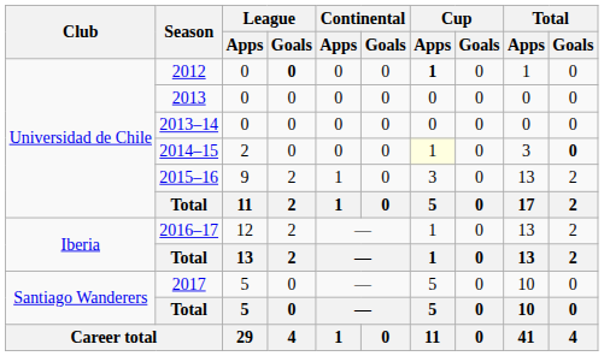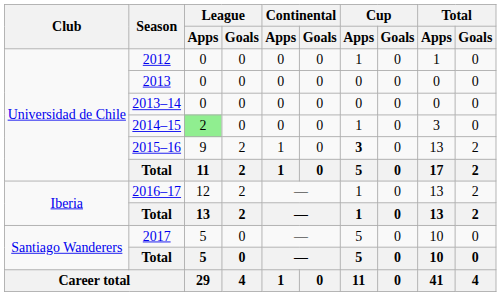 <table class="wikitable" style="text-align: center;">
 <tr>
 <th rowspan="2">Club</th>
 <th rowspan="2">Season</th>
 <th colspan="2">League</th>
 <th colspan="2">Continental</th>
 <th colspan="2">Cup</th>
 <th colspan="2">Total</th>
 </tr>
 <tr>
 <th>Apps</th>
 <th>Goals</th>
 <th>Apps</th>
 <th>Goals</th>
 <th>Apps</th>
 <th>Goals</th>
 <th>Apps</th>
 <th>Goals</th>
 </tr>
 <tr>
 <td rowspan="6"><a href='#'>Universidad de Chile</a></td>
 <td><a href='#'>2012</a></td>
 <td>0</td>
-<td><strong>0</strong></td>
 <td>0</td>
 <td>0</td>
-<td><strong>1</strong></td>
+<td>0</td>
+<td>1</td>
 <td>0</td>
 <td>1</td>
 <td>0</td>
 </tr>
 <tr>
 <td><a href='#'>2013</a></td>
 <td>0</td>
 <td>0</td>
 <td>0</td>
 <td>0</td>
 <td>0</td>
 <td>0</td>
 <td>0</td>
 <td>0</td>
 </tr>
 <tr>
 <td><a href='#'>2013–14</a></td>
 <td>0</td>
 <td>0</td>
 <td>0</td>
 <td>0</td>
 <td>0</td>
 <td>0</td>
 <td>0</td>
 <td>0</td>
 </tr>
 <tr>
 <td><a href='#'>2014–15</a></td>
-<td>2</td>
+<td style="background: lightgreen;">2</td>
 <td>0</td>
 <td>0</td>
 <td>0</td>
-<td style="background: lightyellow;">1</td>
+<td>1</td>
 <td>0</td>
 <td>3</td>
-<td><strong>0</strong></td>
+<td>0</td>
 </tr>
 <tr>
 <td><a href='#'>2015–16</a></td>
 <td>9</td>
 <td>2</td>
 <td>1</td>
 <td>0</td>
-<td>3</td>
+<td><strong>3</strong></td>
 <td>0</td>
 <td>13</td>
 <td>2</td>
 </tr>
 <tr>
 <th>Total</th>
 <th>11</th>
 <th>2</th>
 <th>1</th>
 <th>0</th>
 <th>5</th>
 <th>0</th>
 <th>17</th>
 <th>2</th>
 </tr>
 <tr>
 <td rowspan="2"><a href='#'>Iberia</a></td>
 <td><a href='#'>2016–17</a></td>
 <td>12</td>
 <td>2</td>
 <td colspan="2">—</td>
 <td>1</td>
 <td>0</td>
 <td>13</td>
 <td>2</td>
 </tr>
 <tr>
 <th>Total</th>
 <th>13</th>
 <th>2</th>
 <th colspan="2">—</th>
 <th>1</th>
 <th>0</th>
 <th>13</th>
 <th>2</th>
 </tr>
 <tr>
 <td rowspan="2"><a href='#'>Santiago Wanderers</a></td>
 <td><a href='#'>2017</a></td>
 <td>5</td>
 <td>0</td>
 <td colspan="2">—</td>
 <td>5</td>
 <td>0</td>
 <td>10</td>
 <td>0</td>
 </tr>
 <tr>
 <th>Total</th>
 <th>5</th>
 <th>0</th>
 <th colspan="2">—</th>
 <th>5</th>
 <th>0</th>
 <th>10</th>
 <th>0</th>
 </tr>
 <tr>
 <th colspan="2">Career total</th>
 <th>29</th>
 <th>4</th>
 <th>1</th>
 <th>0</th>
 <th>11</th>
 <th>0</th>
 <th>41</th>
 <th>4</th>
 </tr>
 </table>
